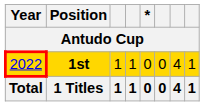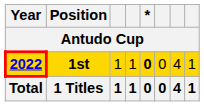 <table class="wikitable" style="text-align: center;">
 <tr>
 <th>Year</th>
 <th>Position</th>
 <th></th>
 <th></th>
 <th>*</th>
 <th></th>
 <th></th>
 <th></th>
 </tr>
 <tr>
 <th colspan=8>Antudo Cup</th>
 </tr>
 <tr style="background:gold">
-<td style="border:3px solid red"> <a href='#'>2022</a></td>
+<td style="border:3px solid red"><strong> <a href='#'>2022</a></strong></td>
 <td><strong>1st</strong></td>
 <td>1</td>
 <td>1</td>
-<td>0</td>
+<td><strong>0</strong></td>
 <td>0</td>
 <td>4</td>
 <td>1</td>
 </tr>
 <tr>
 <th>Total</th>
 <th>1 Titles</th>
 <th>1</th>
 <th>1</th>
 <th>0</th>
 <th>0</th>
 <th>4</th>
 <th>1</th>
 </tr>
 </table>
